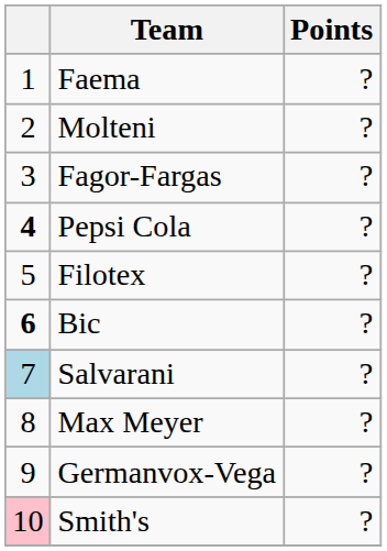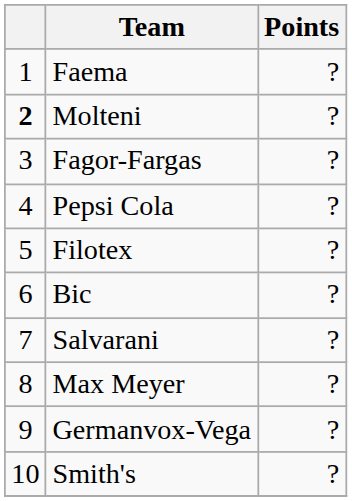 <table class="wikitable">
 <tr>
 <th></th>
 <th>Team</th>
 <th>Points</th>
 </tr>
 <tr>
 <td style="text-align:center">1</td>
 <td>Faema</td>
 <td align="right">?</td>
 </tr>
 <tr>
-<td style="text-align:center">2</td>
+<td style="text-align:center"><strong>2</strong></td>
 <td>Molteni</td>
 <td align="right">?</td>
 </tr>
 <tr>
 <td style="text-align:center">3</td>
 <td>Fagor-Fargas</td>
 <td align="right">?</td>
 </tr>
 <tr>
-<td style="text-align:center"><strong>4</strong></td>
+<td style="text-align:center">4</td>
 <td>Pepsi Cola</td>
 <td align="right">?</td>
 </tr>
 <tr>
 <td style="text-align:center">5</td>
 <td>Filotex</td>
 <td align="right">?</td>
 </tr>
 <tr>
-<td style="text-align:center"><strong>6</strong></td>
+<td style="text-align:center">6</td>
 <td>Bic</td>
 <td align="right">?</td>
 </tr>
 <tr>
-<td style="background: lightblue; text-align:center">7</td>
+<td style="text-align:center">7</td>
 <td>Salvarani</td>
 <td align="right">?</td>
 </tr>
 <tr>
 <td style="text-align:center">8</td>
 <td>Max Meyer</td>
 <td align="right">?</td>
 </tr>
 <tr>
 <td style="text-align:center">9</td>
 <td>Germanvox-Vega</td>
 <td align="right">?</td>
 </tr>
 <tr>
-<td style="background: pink; text-align:center">10</td>
+<td style="text-align:center">10</td>
 <td>Smith's</td>
 <td align="right">?</td>
 </tr>
 <tr>
 </tr>
 </table>
